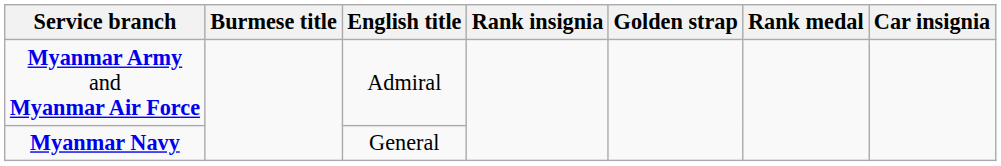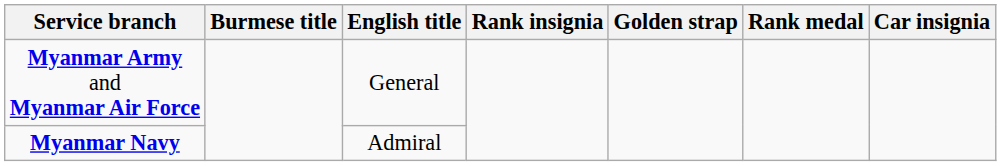 <table class="wikitable">
 <tr style="text-align:center; background:#efefef;">
 <th>Service branch</th>
 <th>Burmese title</th>
 <th>English title</th>
 <th>Rank insignia</th>
 <th>Golden strap</th>
 <th>Rank medal</th>
 <th>Car insignia</th>
 </tr>
 <tr style="text-align:center">
 <td><strong><a href='#'>Myanmar Army</a></strong> <br>and <br><strong><a href='#'>Myanmar Air Force</a></strong></td>
 <td rowspan=2></td>
-<td>Admiral</td>
+<td>General</td>
 <td rowspan=2></td>
 <td rowspan=2></td>
 <td rowspan=2></td>
 <td rowspan=2></td>
 </tr>
 <tr style="text-align:center">
 <td><strong><a href='#'>Myanmar Navy</a></strong></td>
-<td>General</td>
+<td>Admiral</td>
 </tr>
 </table>
